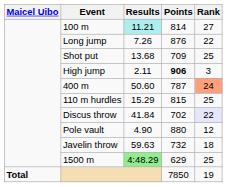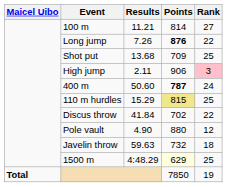 <table class=wikitable style="font-size:90%;">
 <tr>
 <th><strong><a href='#'>Maicel Uibo</a></strong></th>
 <th>Event</th>
 <th>Results</th>
 <th>Points</th>
 <th>Rank</th>
 </tr>
 <tr style="border-top: single;">
 <td rowspan="10"></td>
 <td>100 m</td>
-<td align=center style="background: paleturquoise;">11.21</td>
+<td align=center>11.21</td>
 <td align=center>814</td>
 <td align=center>27</td>
 </tr>
 <tr>
 <td>Long jump</td>
 <td align=center>7.26</td>
-<td align=center>876</td>
+<td align=center><strong>876</strong></td>
 <td align=center>22</td>
 </tr>
 <tr>
 <td>Shot put</td>
 <td align=center>13.68</td>
 <td align=center>709</td>
 <td align=center>25</td>
 </tr>
 <tr>
 <td>High jump</td>
 <td align=center>2.11</td>
-<td align=center><strong>906</strong></td>
-<td align=center>3</td>
+<td align=center>906</td>
+<td align=center style="background: pink;">3</td>
 </tr>
 <tr>
 <td>400 m</td>
 <td align=center>50.60</td>
-<td align=center>787</td>
-<td align=center style="background: lightsalmon;">24</td>
+<td align=center><strong>787</strong></td>
+<td align=center>24</td>
 </tr>
 <tr>
 <td>110 m hurdles</td>
 <td align=center>15.29</td>
-<td align=center>815</td>
+<td align=center style="background: khaki;">815</td>
 <td align=center>25</td>
 </tr>
 <tr>
 <td>Discus throw</td>
 <td align=center>41.84</td>
 <td align=center>702</td>
-<td align=center style="background: lavender;">22</td>
+<td align=center>22</td>
 </tr>
 <tr>
 <td>Pole vault</td>
 <td align=center>4.90</td>
 <td align=center>880</td>
 <td align=center>12</td>
 </tr>
 <tr>
 <td>Javelin throw</td>
 <td align=center>59.63</td>
 <td align=center>732</td>
 <td align=center>18</td>
 </tr>
 <tr>
 <td>1500 m</td>
-<td align=center style="background: lightgreen;">4:48.29</td>
-<td align=center>629</td>
+<td align=center>4:48.29</td>
+<td align=center style="background: lightyellow;">629</td>
 <td align=center>25</td>
 </tr>
 <tr style="border-top: single;">
 <td><strong>Total</strong></td>
 <td colspan="2" style="background:wheat;"></td>
 <td align=center>7850</td>
 <td align=center>19</td>
 </tr>
 </table>
